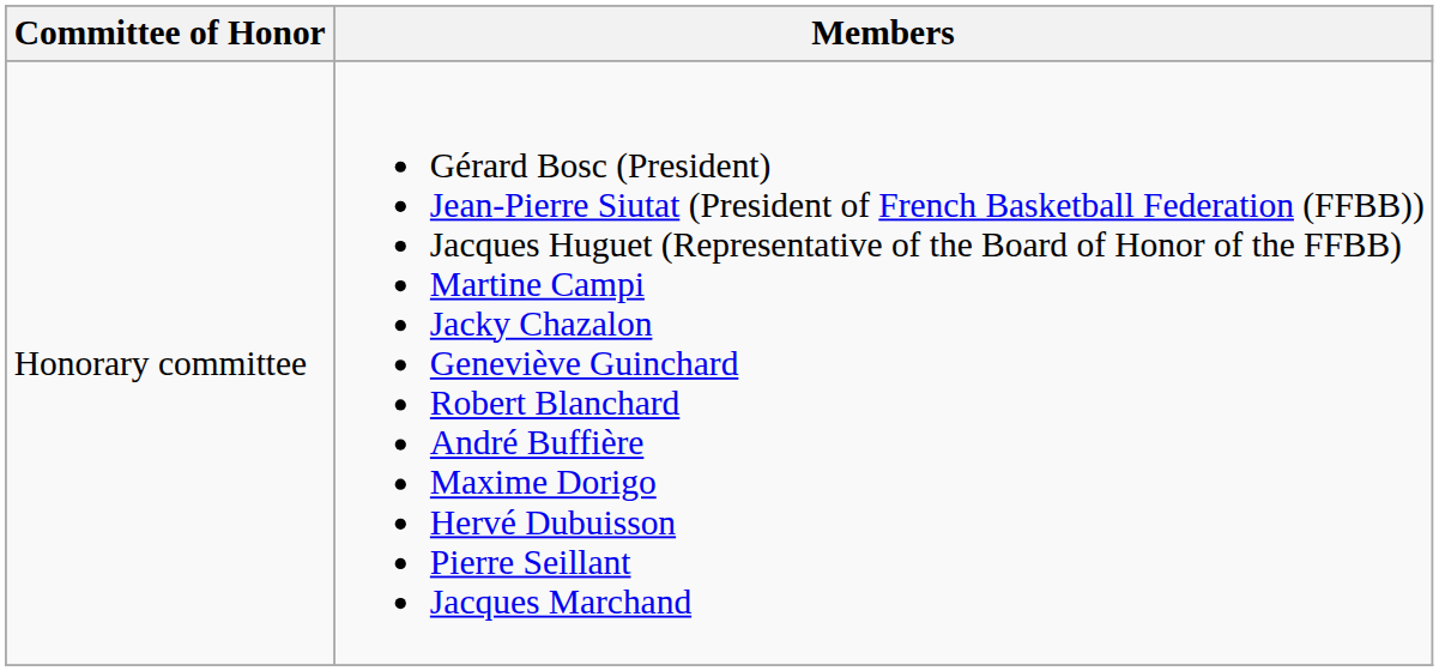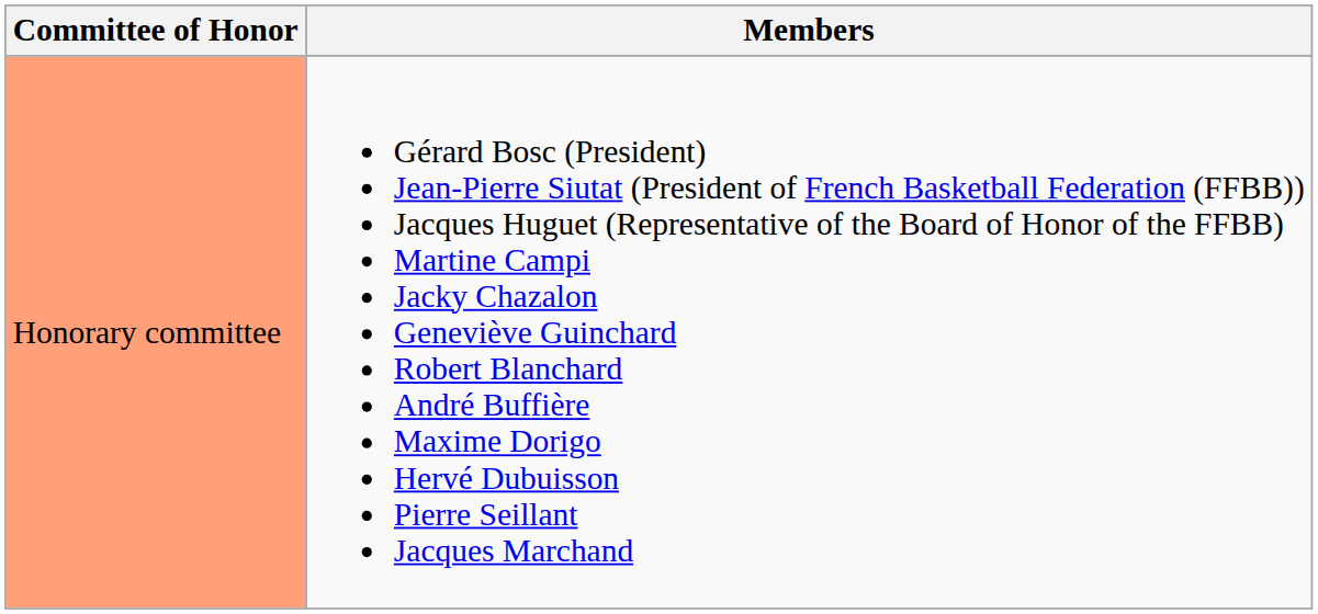 <table class="wikitable" style="text-align: left">
 <tr>
 <th>Committee of Honor</th>
 <th>Members</th>
 </tr>
 <tr>
-<td>Honorary committee</td>
+<td style="background: lightsalmon;">Honorary committee</td>
 <td><br><ul><li>Gérard Bosc (President)</li><li><a href='#'>Jean-Pierre Siutat</a> (President of <a href='#'>French Basketball Federation</a> (FFBB))</li><li>Jacques Huguet (Representative of the Board of Honor of the FFBB)</li><li><a href='#'>Martine Campi</a></li><li><a href='#'>Jacky Chazalon</a></li><li><a href='#'>Geneviève Guinchard</a></li><li><a href='#'>Robert Blanchard</a></li><li><a href='#'>André Buffière</a></li><li><a href='#'>Maxime Dorigo</a></li><li><a href='#'>Hervé Dubuisson</a></li><li><a href='#'>Pierre Seillant</a></li><li><a href='#'>Jacques Marchand</a></li></ul></td>
 </tr>
 </table>
